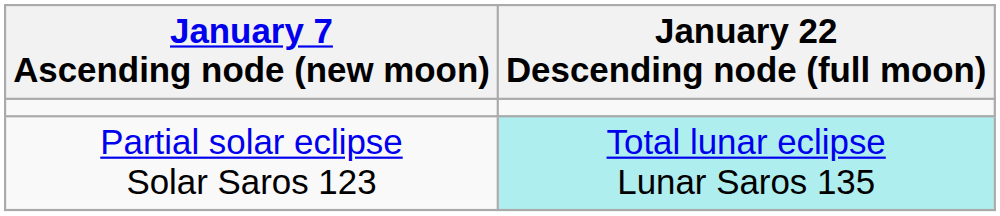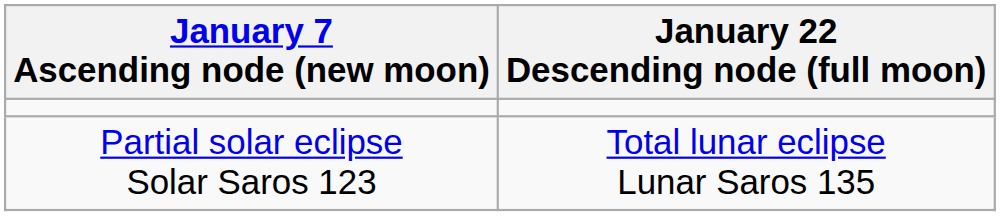 <table class="wikitable">
 <tr>
 <th><a href='#'>January 7</a><br>Ascending node (new moon)<br></th>
 <th>January 22<br>Descending node (full moon)<br></th>
 </tr>
 <tr>
 <td></td>
 <td></td>
 </tr>
 <tr align=center>
 <td><a href='#'>Partial solar eclipse</a><br>Solar Saros 123</td>
-<td style="background: paleturquoise;"><a href='#'>Total lunar eclipse</a><br>Lunar Saros 135</td>
+<td><a href='#'>Total lunar eclipse</a><br>Lunar Saros 135</td>
 </tr>
 </table>
